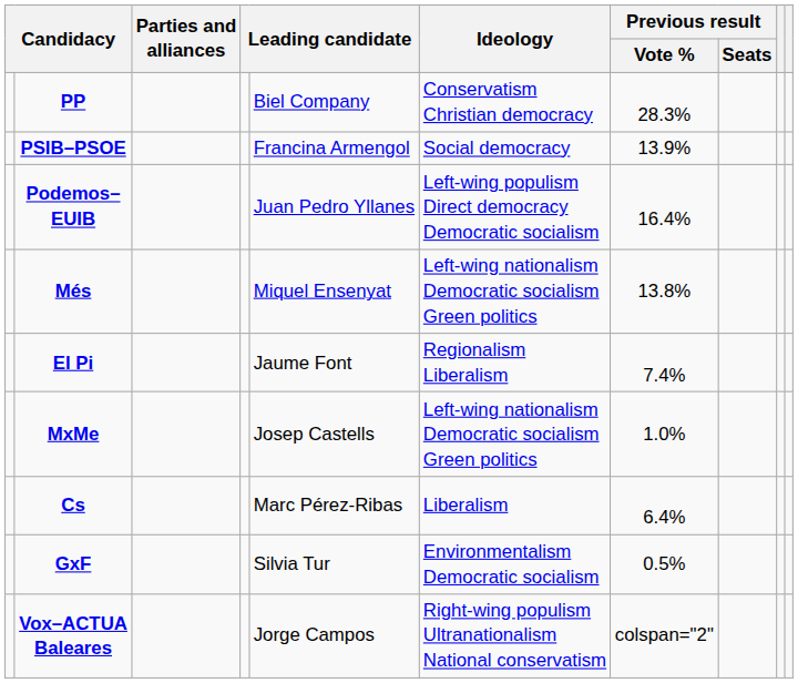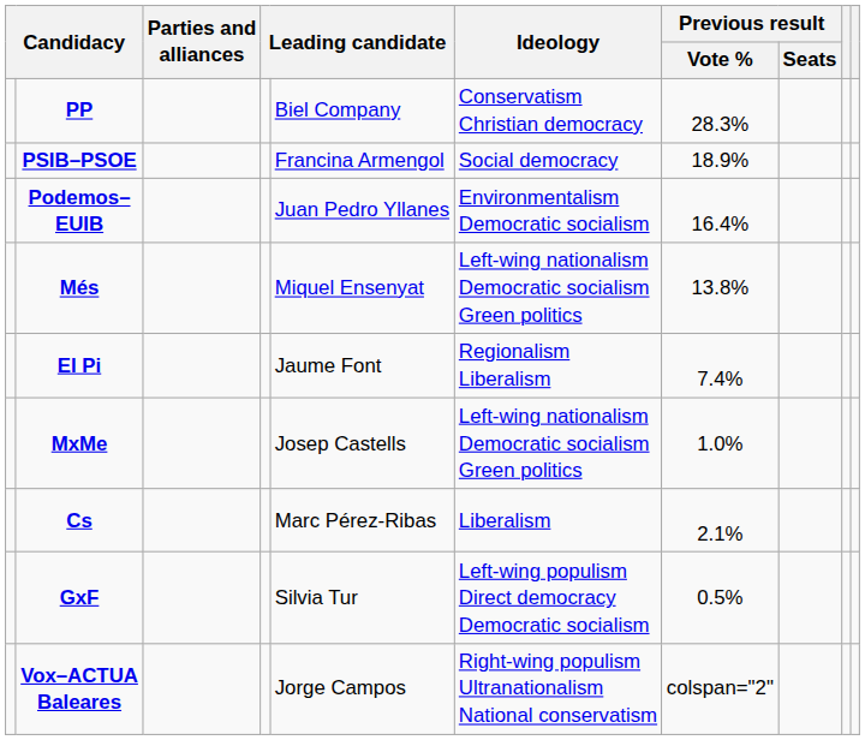 <table class="wikitable" style="line-height:1.35em; text-align:left;">
 <tr>
 <th colspan="2" rowspan="2">Candidacy</th>
 <th rowspan="2">Parties and<br>alliances</th>
 <th colspan="2" rowspan="2">Leading candidate</th>
 <th rowspan="2">Ideology</th>
 <th colspan="2">Previous result</th>
 <th rowspan="2"></th>
 <th rowspan="2"></th>
 </tr>
 <tr>
 <th>Vote %</th>
 <th>Seats</th>
 </tr>
 <tr>
 <td width="1" style="color:inherit;background:"></td>
 <td align="center"><strong><a href='#'>PP</a></strong></td>
 <td></td>
 <td></td>
 <td><a href='#'>Biel Company</a></td>
 <td><a href='#'>Conservatism</a><br><a href='#'>Christian democracy</a></td>
 <td align="center"><br>28.3%<br></td>
 <td></td>
 <td></td>
 <td></td>
 </tr>
 <tr>
 <td style="color:inherit;background:"></td>
 <td align="center"><strong><a href='#'>PSIB–PSOE</a></strong></td>
 <td></td>
 <td></td>
 <td><a href='#'>Francina Armengol</a></td>
 <td><a href='#'>Social democracy</a></td>
-<td align="center">13.9%</td>
+<td align="center">18.9%</td>
 <td></td>
 <td></td>
 <td></td>
 </tr>
 <tr>
 <td style="color:inherit;background:"></td>
 <td align="center"><strong><a href='#'>Podemos–<br>EUIB</a></strong></td>
 <td></td>
 <td></td>
 <td><a href='#'>Juan Pedro Yllanes</a></td>
-<td><a href='#'>Left-wing populism</a><br><a href='#'>Direct democracy</a><br><a href='#'>Democratic socialism</a></td>
+<td><a href='#'>Environmentalism</a><br><a href='#'>Democratic socialism</a></td>
 <td align="center"><br>16.4%<br></td>
 <td></td>
 <td></td>
 <td></td>
 </tr>
 <tr>
 <td style="color:inherit;background:"></td>
 <td align="center"><strong><a href='#'>Més</a></strong></td>
 <td></td>
 <td></td>
 <td><a href='#'>Miquel Ensenyat</a></td>
 <td><a href='#'>Left-wing nationalism</a><br><a href='#'>Democratic socialism</a><br><a href='#'>Green politics</a></td>
 <td align="center">13.8%</td>
 <td></td>
 <td></td>
 <td><br></td>
 </tr>
 <tr>
 <td style="color:inherit;background:"></td>
 <td align="center"><strong><a href='#'>El Pi</a></strong></td>
 <td></td>
 <td></td>
 <td>Jaume Font</td>
 <td><a href='#'>Regionalism</a><br><a href='#'>Liberalism</a></td>
 <td align="center"><br>7.4%<br></td>
 <td></td>
 <td></td>
 <td></td>
 </tr>
 <tr>
 <td style="color:inherit;background:"></td>
 <td align="center"><strong><a href='#'>MxMe</a></strong></td>
 <td></td>
 <td></td>
 <td>Josep Castells</td>
 <td><a href='#'>Left-wing nationalism</a><br><a href='#'>Democratic socialism</a><br><a href='#'>Green politics</a></td>
 <td align="center">1.0%</td>
 <td></td>
 <td></td>
 <td><br></td>
 </tr>
 <tr>
 <td style="color:inherit;background:"></td>
 <td align="center"><strong><a href='#'>Cs</a></strong></td>
 <td></td>
 <td></td>
 <td>Marc Pérez-Ribas</td>
 <td><a href='#'>Liberalism</a></td>
-<td align="center"><br>6.4%<br></td>
+<td align="center"><br>2.1%<br></td>
 <td></td>
 <td></td>
 <td></td>
 </tr>
 <tr>
 <td style="color:inherit;background:"></td>
 <td align="center"><strong><a href='#'>GxF</a></strong></td>
 <td></td>
 <td></td>
 <td>Silvia Tur</td>
-<td><a href='#'>Environmentalism</a><br><a href='#'>Democratic socialism</a></td>
+<td><a href='#'>Left-wing populism</a><br><a href='#'>Direct democracy</a><br><a href='#'>Democratic socialism</a></td>
 <td align="center">0.5%</td>
 <td></td>
 <td></td>
 <td></td>
 </tr>
 <tr>
 <td style="color:inherit;background:"></td>
 <td align="center"><strong><a href='#'>Vox–ACTUA<br>Baleares</a></strong></td>
 <td></td>
 <td></td>
 <td>Jorge Campos</td>
 <td><a href='#'>Right-wing populism</a><br><a href='#'>Ultranationalism</a><br><a href='#'>National conservatism</a></td>
 <td>colspan="2" </td>
 <td></td>
 <td></td>
 </tr>
 </table>
